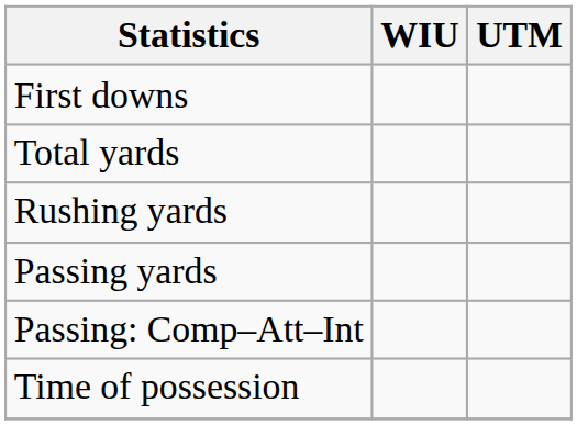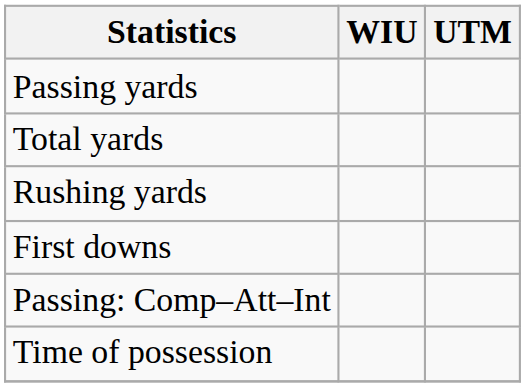 <table class="wikitable" style="float: left;">
 <tr>
 <th>Statistics</th>
 <th>WIU</th>
 <th>UTM</th>
 </tr>
 <tr>
-<td>First downs</td>
+<td>Passing yards</td>
 <td></td>
 <td></td>
 </tr>
 <tr>
 <td>Total yards</td>
 <td></td>
 <td></td>
 </tr>
 <tr>
 <td>Rushing yards</td>
 <td></td>
 <td></td>
 </tr>
 <tr>
-<td>Passing yards</td>
+<td>First downs</td>
 <td></td>
 <td></td>
 </tr>
 <tr>
 <td>Passing: Comp–Att–Int</td>
 <td></td>
 <td></td>
 </tr>
 <tr>
 <td>Time of possession</td>
 <td></td>
 <td></td>
 </tr>
 <tr>
 </tr>
 </table>
